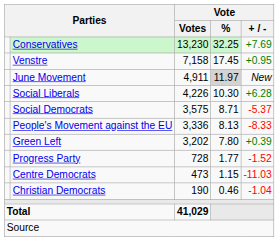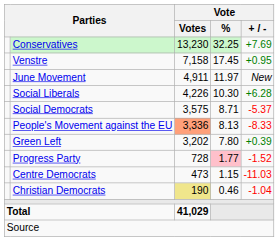 <table class="wikitable" style="text-align:right;">
 <tr>
 <th style="text-align:centre;" rowspan="2" colspan="2" width="225">Parties</th>
 <th colspan="3">Vote</th>
 </tr>
 <tr>
 <th width="15">Votes</th>
 <th width="15">%</th>
 <th width="15">+ / -</th>
 </tr>
 <tr>
 <td width="2" style="color:inherit;background:"></td>
 <td bgcolor=#ccf7cc   align="left"><a href='#'>Conservatives</a></td>
 <td bgcolor=#ccf7cc>13,230</td>
 <td bgcolor=#ccf7cc>32.25</td>
 <td style=color:green;>+7.69</td>
 </tr>
 <tr>
 <td width="2" style="color:inherit;background:"></td>
 <td align="left"><a href='#'>Venstre</a></td>
 <td>7,158</td>
 <td>17.45</td>
 <td style=color:green;>+0.95</td>
 </tr>
 <tr>
 <td width="2" style="color:inherit;background:"></td>
 <td align="left"><a href='#'>June Movement</a></td>
 <td>4,911</td>
-<td style="background: lightgrey;">11.97</td>
+<td>11.97</td>
 <td><em>New</em></td>
 </tr>
 <tr>
 <td width="2" style="color:inherit;background:"></td>
 <td align="left"><a href='#'>Social Liberals</a></td>
 <td>4,226</td>
 <td>10.30</td>
 <td style=color:green;>+6.28</td>
 </tr>
 <tr>
 <td width="2" style="color:inherit;background:"></td>
 <td align="left"><a href='#'>Social Democrats</a></td>
 <td>3,575</td>
 <td>8.71</td>
 <td style=color:red;>-5.37</td>
 </tr>
 <tr>
 <td width="2" style="color:inherit;background:"></td>
 <td align="left"><a href='#'>People's Movement against the EU</a></td>
-<td>3,336</td>
+<td style="background: lightsalmon;">3,336</td>
 <td>8.13</td>
 <td style=color:red;>-8.33</td>
 </tr>
 <tr>
 <td width="2" style="color:inherit;background:"></td>
 <td align="left"><a href='#'>Green Left</a></td>
 <td>3,202</td>
 <td>7.80</td>
 <td style=color:green;>+0.39</td>
 </tr>
 <tr>
 <td width="2" style="color:inherit;background:"></td>
 <td align="left"><a href='#'>Progress Party</a></td>
 <td>728</td>
-<td>1.77</td>
+<td style="background: pink;">1.77</td>
 <td style=color:red;>-1.52</td>
 </tr>
 <tr>
 <td width="2" style="color:inherit;background:"></td>
 <td align="left"><a href='#'>Centre Democrats</a></td>
 <td>473</td>
 <td>1.15</td>
 <td style=color:red;>-11.03</td>
 </tr>
 <tr>
 <td width="2" style="color:inherit;background:"></td>
 <td align="left"><a href='#'>Christian Democrats</a></td>
-<td>190</td>
+<td style="background: khaki;">190</td>
 <td>0.46</td>
 <td style=color:red;>-1.04</td>
 </tr>
 <tr>
 <td colspan="7" bgcolor="#E9E9E9"></td>
 </tr>
 <tr>
 <td align="left" colspan="2"><strong>Total</strong></td>
 <td><strong>41,029</strong></td>
 <td bgcolor="#E9E9E9" colspan="2"></td>
 </tr>
 <tr>
 <td align="left" colspan="6">Source</td>
 </tr>
 </table>
